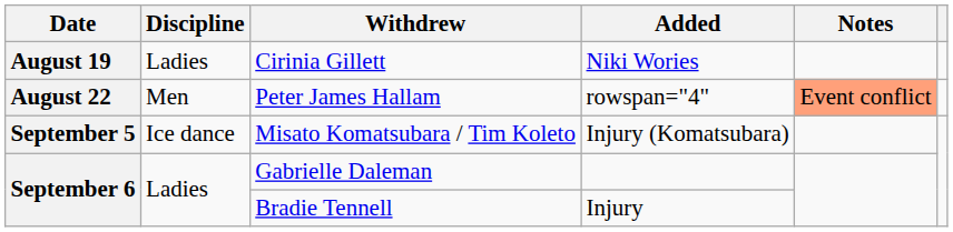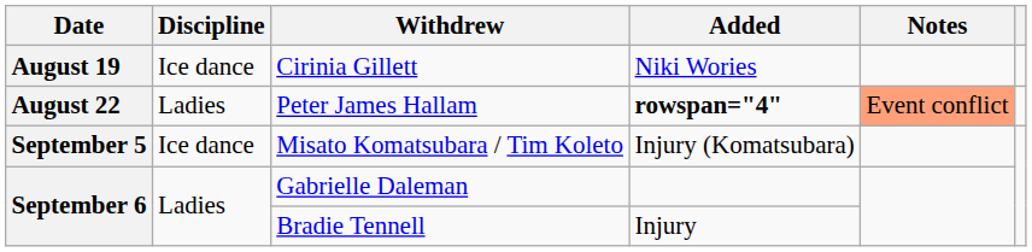 <table class="wikitable unsortable">
 <tr>
 <th scope="col">Date</th>
 <th scope="col">Discipline</th>
 <th scope="col">Withdrew</th>
 <th scope="col">Added</th>
 <th scope="col">Notes</th>
 <th scope="col"></th>
 </tr>
 <tr>
 <th scope="row" style="text-align:left">August 19</th>
-<td>Ladies</td>
+<td>Ice dance</td>
 <td> <a href='#'>Cirinia Gillett</a></td>
 <td> <a href='#'>Niki Wories</a></td>
 <td></td>
 <td></td>
 </tr>
 <tr>
 <th scope="row" style="text-align:left">August 22</th>
-<td>Men</td>
+<td>Ladies</td>
 <td> <a href='#'>Peter James Hallam</a></td>
-<td>rowspan="4" </td>
+<td><strong>rowspan="4" </strong></td>
 <td style="background: lightsalmon;">Event conflict</td>
 <td></td>
 </tr>
 <tr>
 <th scope="row" style="text-align:left">September 5</th>
 <td>Ice dance</td>
 <td> <a href='#'>Misato Komatsubara</a> / <a href='#'>Tim Koleto</a></td>
 <td>Injury (Komatsubara)</td>
 <td></td>
 </tr>
 <tr>
 <th scope="row" style="text-align:left" rowspan=2>September 6</th>
 <td rowspan="2">Ladies</td>
 <td> <a href='#'>Gabrielle Daleman</a></td>
 <td></td>
 <td rowspan="2"></td>
 </tr>
 <tr>
 <td> <a href='#'>Bradie Tennell</a></td>
 <td>Injury</td>
 </tr>
 </table>
